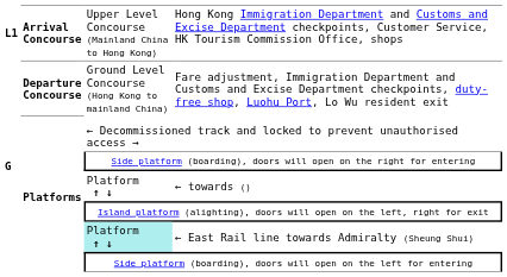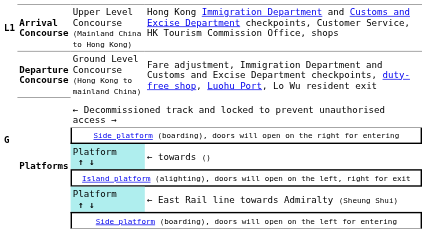 <table border="0" cellspacing="0" cellpadding="3">
 <tr>
 <td><strong>L1</strong></td>
 <td style="border-bottom:solid 1px gray;border-top:solid 1px gray;width:50px;vertical-align:top;"><strong><br>Arrival  Concourse</strong></td>
 <td style="border-top:solid 1px gray;border-bottom:solid 1px gray;width:100px;vertical-align:top;">Upper Level Concourse<br><small>(Mainland China to Hong Kong)</small></td>
 <td style="border-top:solid 1px gray;border-bottom:solid 1px gray;width:390px;vertical-align:top;">Hong Kong <a href='#'>Immigration Department</a> and <a href='#'>Customs and Excise Department</a> checkpoints, Customer Service, HK Tourism Commission Office, shops</td>
 </tr>
 <tr>
 <td rowspan="8"><strong>G</strong></td>
 <td style="border-bottom:solid 1px gray;vertical-align:top;"><strong><br>Departure Concourse</strong></td>
 <td>Ground Level Concourse<small><br>(Hong Kong to mainland China)</small></td>
 <td>Fare adjustment, Immigration Department and Customs and Excise Department checkpoints, <a href='#'>duty-free shop</a>, <a href='#'>Luohu Port</a>, Lo Wu resident exit</td>
 </tr>
 <tr>
 <td></td>
 <td></td>
 <td></td>
 </tr>
 <tr>
 <td rowspan="6"><strong>Platforms</strong></td>
 <td colspan="2" style="border-bottom:solid 1px gray;">← Decommissioned track and locked to prevent unauthorised access →</td>
 </tr>
 <tr>
 <td colspan="2" style="border-right:solid 2px black;border-left:solid 2px black;border-bottom:solid 2px black;text-align:center;"><small><a href='#'>Side platform</a> (boarding), doors will open on the right for entering</small></td>
 </tr>
 <tr>
-<td>Platform  <span><strong> ↑ ↓</strong></span></td>
+<td style="background: paleturquoise;">Platform  <span><strong> ↑ ↓</strong></span></td>
 <td>←  towards  <small>()</small></td>
 </tr>
 <tr>
 <td colspan="2" style="border-top:solid 2px black;border-right:solid 2px black;border-left:solid 2px black;border-bottom:solid 2px black;text-align:center;"><small><a href='#'>Island platform</a> (alighting), doors will open on the left, right for exit</small></td>
 </tr>
 <tr>
 <td style="background: paleturquoise;">Platform  <span><strong> ↑ ↓</strong></span></td>
 <td>←  East Rail line towards Admiralty <small>(Sheung Shui)</small></td>
 </tr>
 <tr>
 <td colspan="2" style="border-top:solid 2px black;border-right:solid 2px black;border-left:solid 2px black;border-bottom:solid 1px gray;text-align:center;"><small><a href='#'>Side platform</a> (boarding), doors will open on the left for entering</small></td>
 </tr>
 </table>
